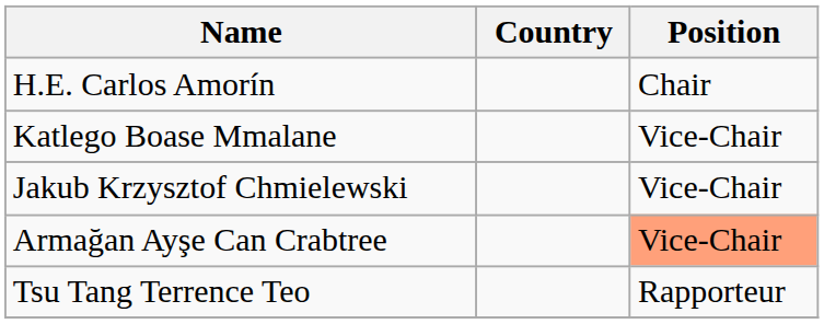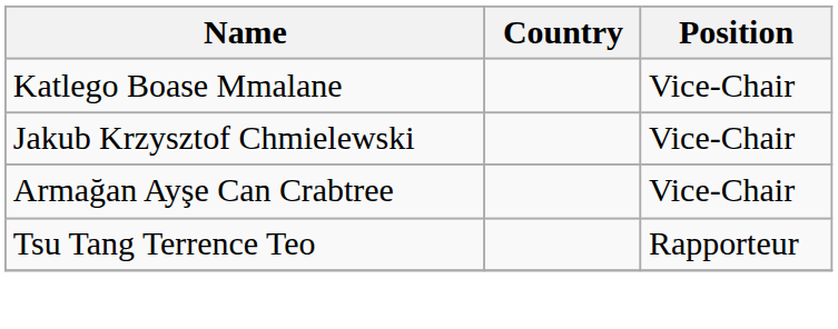 <table class="wikitable" style="display: inline-table; width: 45%">
 <tr>
 <th>Name</th>
 <th>Country</th>
 <th>Position</th>
-</tr>
-<tr>
-<td>H.E. Carlos Amorín</td>
-<td></td>
-<td>Chair</td>
 </tr>
 <tr>
 <td>Katlego Boase Mmalane</td>
 <td></td>
 <td>Vice-Chair</td>
 </tr>
 <tr>
 <td>Jakub Krzysztof Chmielewski</td>
 <td></td>
 <td>Vice-Chair</td>
 </tr>
 <tr>
 <td>Armağan Ayşe Can Crabtree</td>
 <td></td>
-<td style="background: lightsalmon;">Vice-Chair</td>
+<td>Vice-Chair</td>
 </tr>
 <tr>
 <td>Tsu Tang Terrence Teo</td>
 <td></td>
 <td>Rapporteur</td>
 </tr>
 <tr>
 </tr>
 </table>
